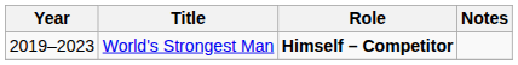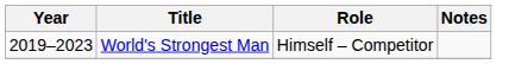 <table class="wikitable sortable">
 <tr>
 <th>Year</th>
 <th>Title</th>
 <th>Role</th>
 <th>Notes</th>
 </tr>
 <tr>
 <td>2019–2023</td>
 <td><a href='#'>World's Strongest Man</a></td>
-<td><strong>Himself – Competitor</strong></td>
+<td>Himself – Competitor</td>
 <td></td>
 </tr>
 <tr>
 </tr>
 </table>
